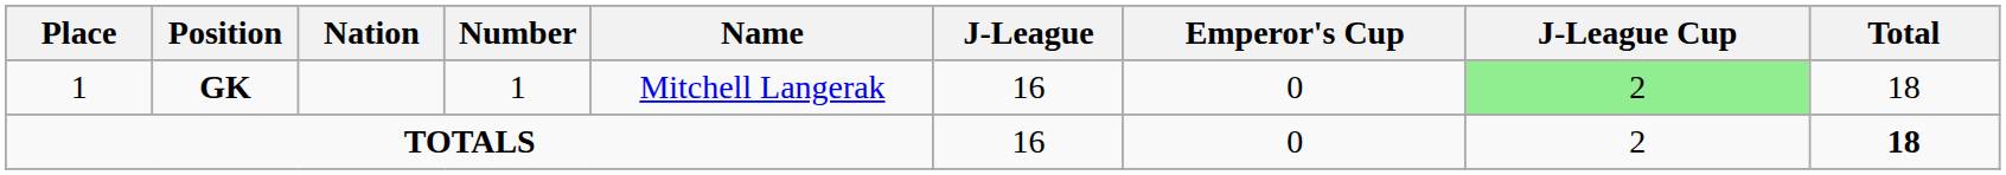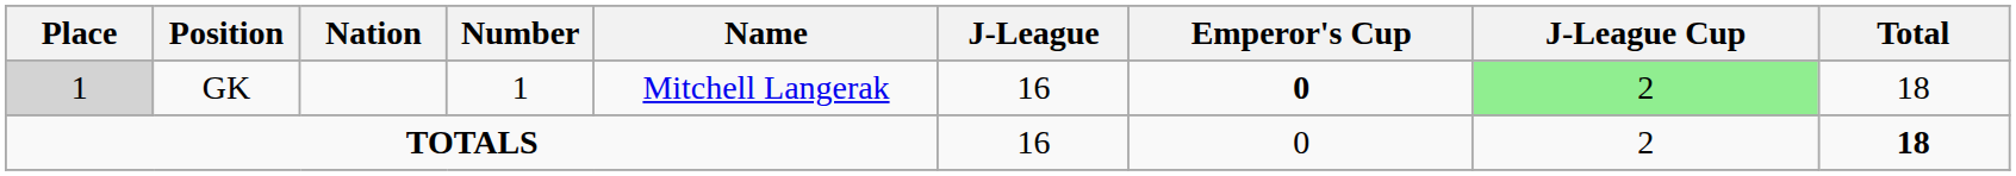 <table class="wikitable" style="font-size: 95%; text-align: center;">
 <tr>
 <th width=60>Place</th>
 <th width=60>Position</th>
 <th width=60>Nation</th>
 <th width=60>Number</th>
 <th width=150>Name</th>
 <th width=80>J-League</th>
 <th width=150>Emperor's Cup</th>
 <th width=150>J-League Cup</th>
 <th width=80>Total</th>
 </tr>
 <tr>
-<td>1</td>
-<td><strong>GK</strong></td>
+<td style="background: lightgrey;">1</td>
+<td>GK</td>
 <td></td>
 <td>1</td>
 <td><a href='#'>Mitchell Langerak</a></td>
 <td>16</td>
-<td>0</td>
+<td><strong>0</strong></td>
 <td style="background: lightgreen;">2</td>
 <td>18</td>
 </tr>
 <tr>
 <td colspan="5"><strong>TOTALS</strong></td>
 <td>16</td>
 <td>0</td>
 <td>2</td>
 <td><strong>18</strong></td>
 </tr>
 </table>
